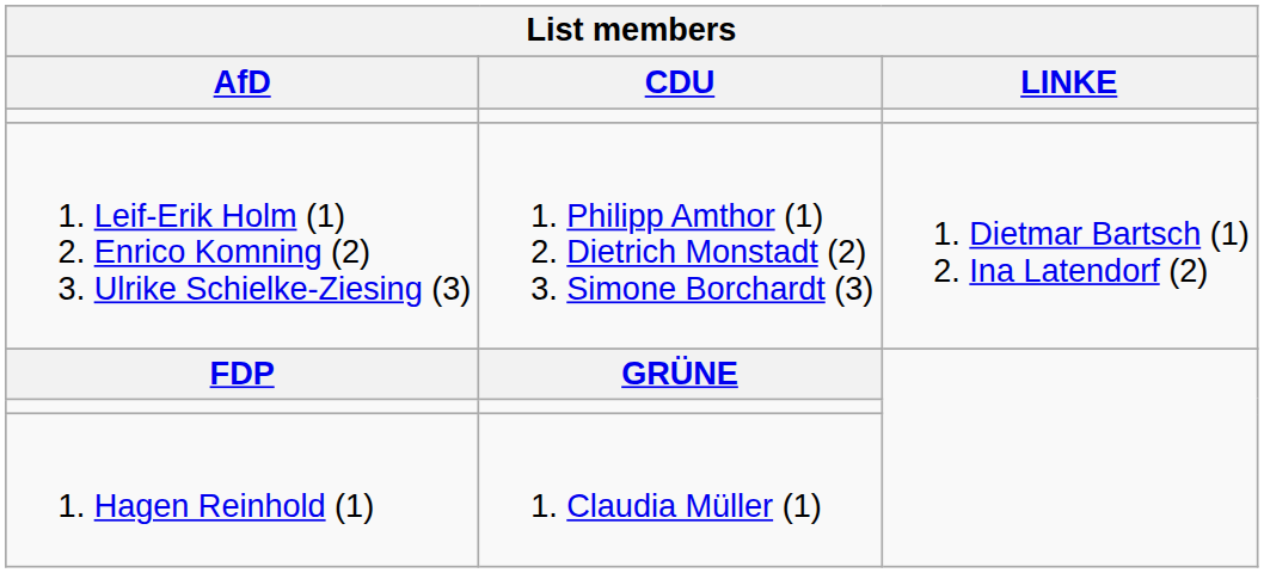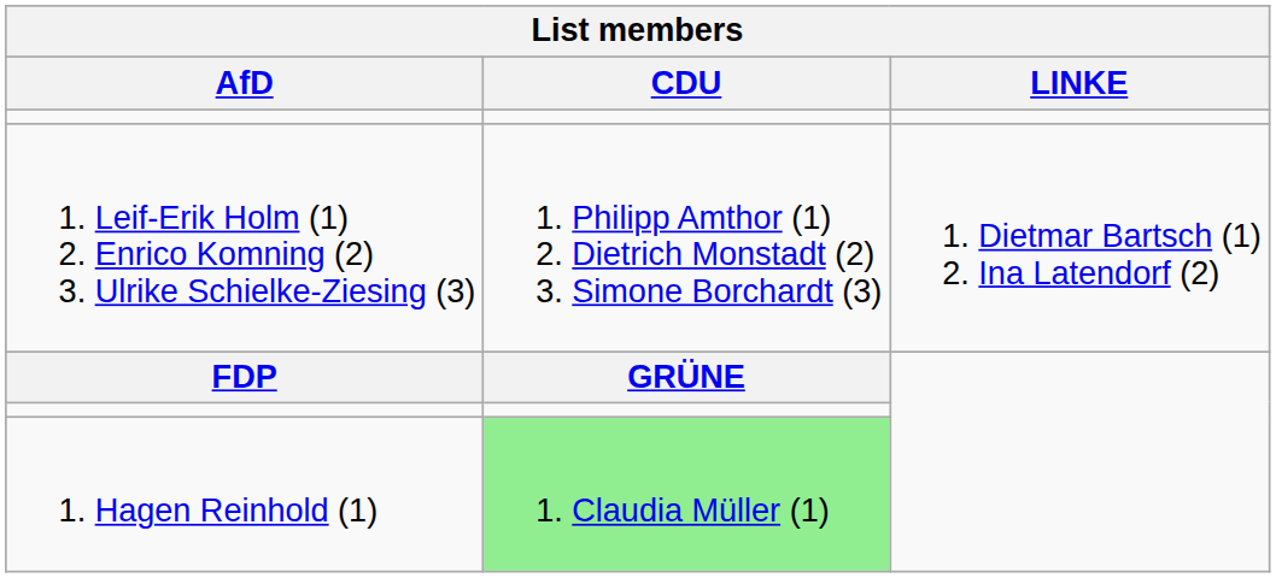 <table class=wikitable>
 <tr>
 <th colspan=3>List members</th>
 </tr>
 <tr>
 <th><a href='#'>AfD</a></th>
 <th><a href='#'>CDU</a></th>
 <th><a href='#'>LINKE</a></th>
 </tr>
 <tr>
 <td bgcolor=></td>
 <td bgcolor=></td>
 <td bgcolor=></td>
 </tr>
 <tr>
 <td><br><ol><li><a href='#'>Leif-Erik Holm</a> (1)</li><li><a href='#'>Enrico Komning</a> (2)</li><li><a href='#'>Ulrike Schielke-Ziesing</a> (3)</li></ol></td>
 <td><br><ol><li><a href='#'>Philipp Amthor</a> (1)</li><li><a href='#'>Dietrich Monstadt</a> (2)</li><li><a href='#'>Simone Borchardt</a> (3)</li></ol></td>
 <td><br><ol><li><a href='#'>Dietmar Bartsch</a> (1)</li><li><a href='#'>Ina Latendorf</a> (2)</li></ol></td>
 </tr>
 <tr>
 <th><a href='#'>FDP</a></th>
 <th><a href='#'>GRÜNE</a></th>
 </tr>
 <tr>
 <td bgcolor=></td>
 <td bgcolor=></td>
 </tr>
 <tr>
 <td><br><ol><li><a href='#'>Hagen Reinhold</a> (1)</li></ol></td>
-<td><br><ol><li><a href='#'>Claudia Müller</a> (1)</li></ol></td>
+<td style="background: lightgreen;"><br><ol><li><a href='#'>Claudia Müller</a> (1)</li></ol></td>
 </tr>
 </table>
